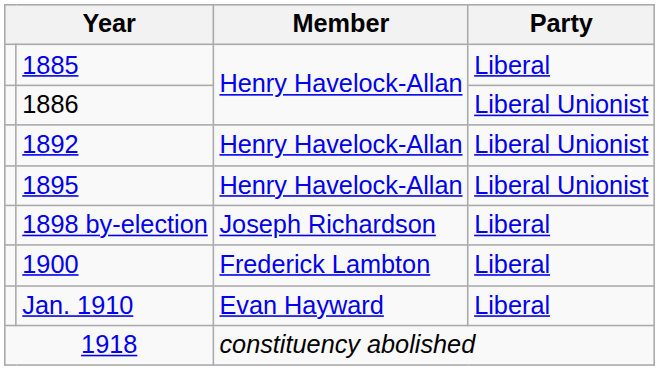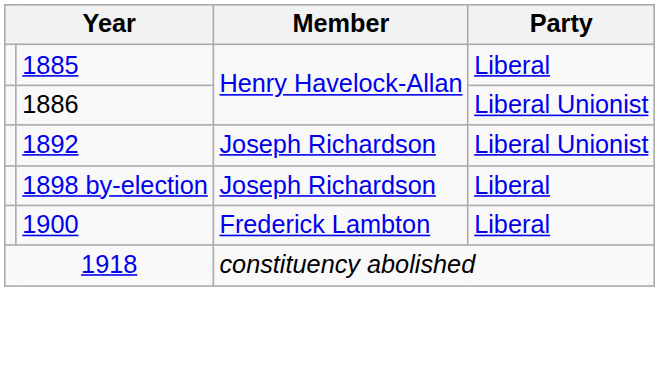 <table class="wikitable">
 <tr>
 <th colspan="2">Year</th>
 <th>Member</th>
 <th>Party</th>
 </tr>
 <tr>
 <td style="color:inherit;background-color: "></td>
 <td><a href='#'>1885</a></td>
 <td rowspan="2"><a href='#'>Henry Havelock-Allan</a></td>
 <td><a href='#'>Liberal</a></td>
 </tr>
 <tr>
 <td style="color:inherit;background-color: "></td>
 <td>1886</td>
 <td><a href='#'>Liberal Unionist</a></td>
 </tr>
 <tr>
 <td style="color:inherit;background-color: "></td>
 <td><a href='#'>1892</a></td>
-<td><a href='#'>Henry Havelock-Allan</a></td>
-<td><a href='#'>Liberal Unionist</a></td>
-</tr>
-<tr>
-<td style="color:inherit;background-color: "></td>
-<td><a href='#'>1895</a></td>
-<td><a href='#'>Henry Havelock-Allan</a></td>
+<td><a href='#'>Joseph Richardson</a></td>
 <td><a href='#'>Liberal Unionist</a></td>
 </tr>
 <tr>
 <td style="color:inherit;background-color: "></td>
 <td><a href='#'>1898 by-election</a></td>
 <td><a href='#'>Joseph Richardson</a></td>
 <td><a href='#'>Liberal</a></td>
 </tr>
 <tr>
 <td style="color:inherit;background-color: "></td>
 <td><a href='#'>1900</a></td>
 <td><a href='#'>Frederick Lambton</a></td>
 <td><a href='#'>Liberal</a></td>
 </tr>
 <tr>
-<td style="color:inherit;background-color: "></td>
-<td><a href='#'>Jan. 1910</a></td>
-<td><a href='#'>Evan Hayward</a></td>
-<td><a href='#'>Liberal</a></td>
-</tr>
-<tr>
 <td colspan="2" align="center"><a href='#'>1918</a></td>
 <td colspan="2"><em>constituency abolished</em></td>
 </tr>
 </table>
